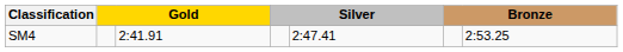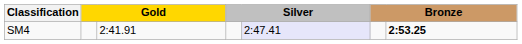 <table class=wikitable style="font-size:100%">
 <tr>
 <th rowspan="1" width="15%">Classification</th>
 <th colspan="2" style="background:gold;">Gold</th>
 <th colspan="2" style="background:silver;">Silver</th>
 <th colspan="2" style="background:#CC9966;">Bronze</th>
 </tr>
 <tr>
 <td>SM4</td>
 <td></td>
 <td>2:41.91</td>
 <td></td>
-<td>2:47.41</td>
+<td style="background: lavender;">2:47.41</td>
 <td></td>
-<td>2:53.25</td>
+<td><strong>2:53.25</strong></td>
 </tr>
 </table>
